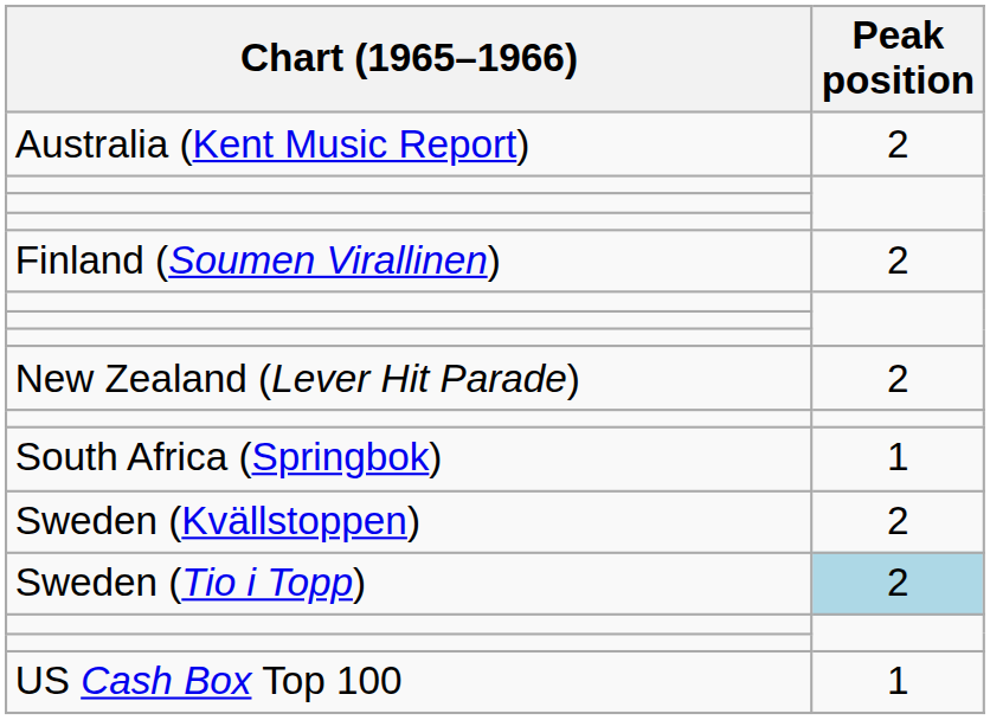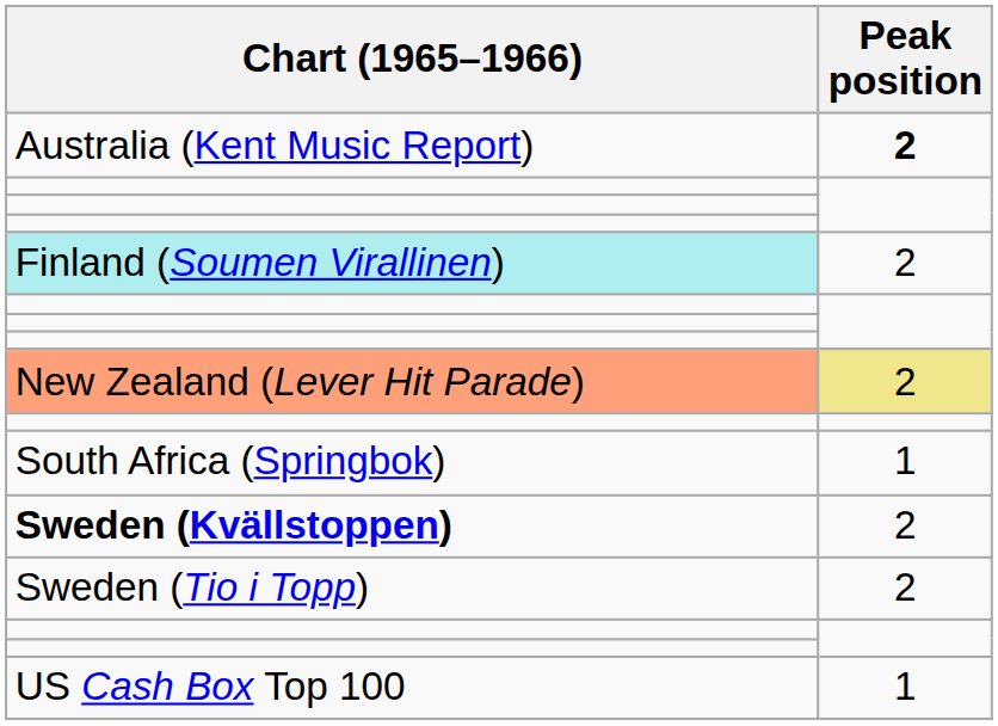 <table class="wikitable sortable">
 <tr>
 <th style="width:20em;">Chart (1965–1966)</th>
 <th>Peak<br>position</th>
 </tr>
 <tr>
 <td>Australia (<a href='#'>Kent Music Report</a>)</td>
+<td style="text-align:center;"><strong>2</strong></td>
+</tr>
+<tr>
+<td></td>
+</tr>
+<tr>
+<td></td>
+</tr>
+<tr>
+<td></td>
+</tr>
+<tr>
+<td align="left" style="background: paleturquoise;">Finland (<a href='#'><em>Soumen Virallinen</em></a>)</td>
 <td style="text-align:center;">2</td>
 </tr>
 <tr>
 <td></td>
 </tr>
 <tr>
 <td></td>
 </tr>
 <tr>
 <td></td>
 </tr>
 <tr>
-<td align="left">Finland (<a href='#'><em>Soumen Virallinen</em></a>)</td>
-<td style="text-align:center;">2</td>
-</tr>
-<tr>
-<td></td>
-</tr>
-<tr>
-<td></td>
-</tr>
-<tr>
-<td></td>
-</tr>
-<tr>
-<td>New Zealand (<em>Lever Hit Parade</em>)</td>
-<td align="center">2</td>
+<td style="background: lightsalmon;">New Zealand (<em>Lever Hit Parade</em>)</td>
+<td align="center" style="background: khaki;">2</td>
 </tr>
 <tr>
 <td></td>
 </tr>
 <tr>
 <td>South Africa (<a href='#'>Springbok</a>)</td>
 <td align="center">1</td>
 </tr>
 <tr>
-<td>Sweden (<a href='#'>Kvällstoppen</a>)</td>
+<td><strong>Sweden (<a href='#'>Kvällstoppen</a>)</strong></td>
 <td style="text-align:center;">2</td>
 </tr>
 <tr>
 <td>Sweden (<em><a href='#'>Tio i Topp</a></em>)</td>
-<td style="background: lightblue; text-align:center;">2</td>
+<td style="text-align:center;">2</td>
 </tr>
 <tr>
 <td></td>
 </tr>
 <tr>
 <td></td>
 </tr>
 <tr>
 <td>US <a href='#'><em>Cash Box</em></a> Top 100</td>
 <td align="center">1</td>
 </tr>
 <tr>
 </tr>
 </table>
